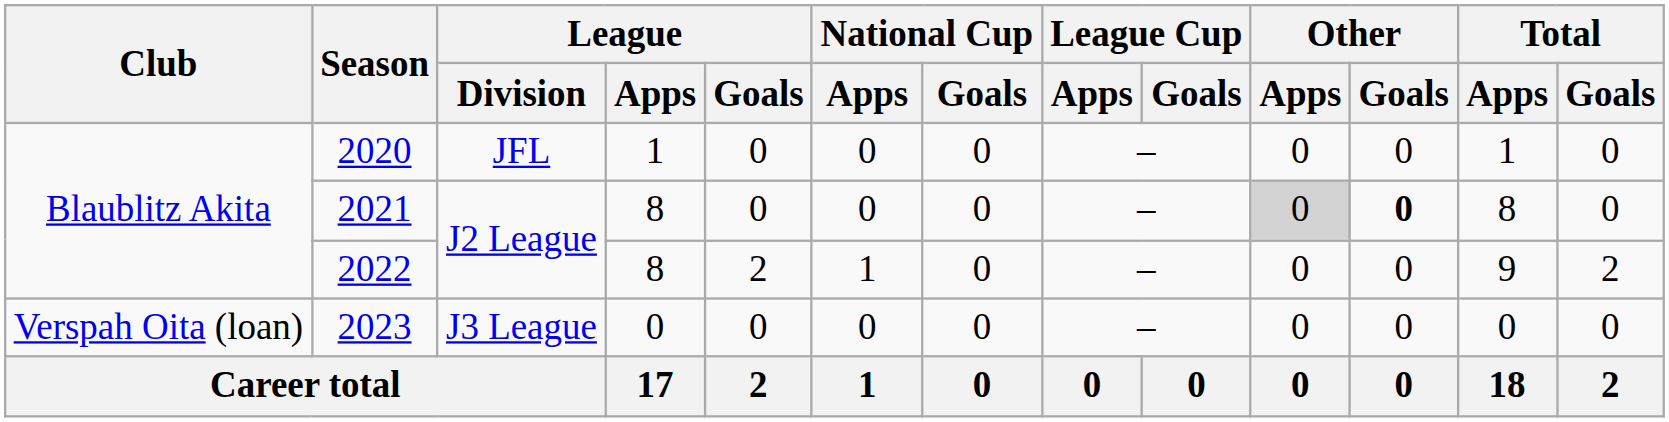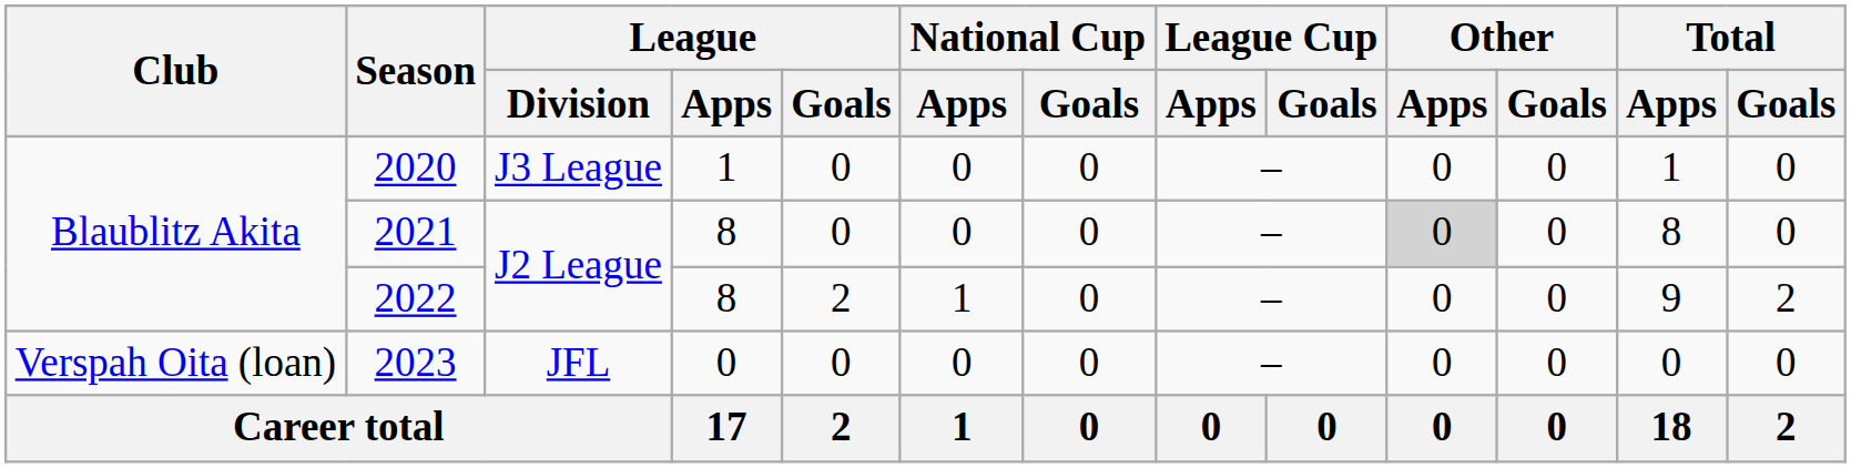 <table class="wikitable" style="text-align: center">
 <tr>
 <th rowspan="2">Club</th>
 <th rowspan="2">Season</th>
 <th colspan="3">League</th>
 <th colspan="2">National Cup</th>
 <th colspan="2">League Cup</th>
 <th colspan="2">Other</th>
 <th colspan="2">Total</th>
 </tr>
 <tr>
 <th>Division</th>
 <th>Apps</th>
 <th>Goals</th>
 <th>Apps</th>
 <th>Goals</th>
 <th>Apps</th>
 <th>Goals</th>
 <th>Apps</th>
 <th>Goals</th>
 <th>Apps</th>
 <th>Goals</th>
 </tr>
 <tr>
 <td rowspan="3"><a href='#'>Blaublitz Akita</a></td>
 <td><a href='#'>2020</a></td>
-<td><a href='#'>JFL</a></td>
+<td><a href='#'>J3 League</a></td>
 <td>1</td>
 <td>0</td>
 <td>0</td>
 <td>0</td>
 <td colspan="2">–</td>
 <td>0</td>
 <td>0</td>
 <td>1</td>
 <td>0</td>
 </tr>
 <tr>
 <td><a href='#'>2021</a></td>
 <td rowspan="2"><a href='#'>J2 League</a></td>
 <td>8</td>
 <td>0</td>
 <td>0</td>
 <td>0</td>
 <td colspan="2">–</td>
 <td style="background: lightgrey;">0</td>
-<td><strong>0</strong></td>
+<td>0</td>
 <td>8</td>
 <td>0</td>
 </tr>
 <tr>
 <td><a href='#'>2022</a></td>
 <td>8</td>
 <td>2</td>
 <td>1</td>
 <td>0</td>
 <td colspan="2">–</td>
 <td>0</td>
 <td>0</td>
 <td>9</td>
 <td>2</td>
 </tr>
 <tr>
 <td rowspan="1"><a href='#'>Verspah Oita</a> (loan)</td>
 <td><a href='#'>2023</a></td>
-<td><a href='#'>J3 League</a></td>
+<td><a href='#'>JFL</a></td>
 <td>0</td>
 <td>0</td>
 <td>0</td>
 <td>0</td>
 <td colspan="2">–</td>
 <td>0</td>
 <td>0</td>
 <td>0</td>
 <td>0</td>
 </tr>
 <tr>
 <th colspan=3>Career total</th>
 <th>17</th>
 <th>2</th>
 <th>1</th>
 <th>0</th>
 <th>0</th>
 <th>0</th>
 <th>0</th>
 <th>0</th>
 <th>18</th>
 <th>2</th>
 </tr>
 </table>
